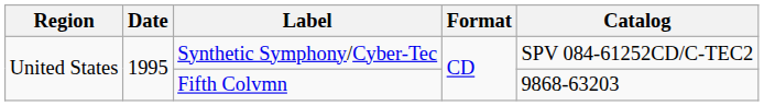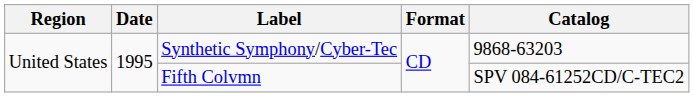 <table class="wikitable">
 <tr>
 <th>Region</th>
 <th>Date</th>
 <th>Label</th>
 <th>Format</th>
 <th>Catalog</th>
 </tr>
 <tr>
 <td rowspan="2">United States</td>
 <td rowspan="2">1995</td>
 <td><a href='#'>Synthetic Symphony</a>/<a href='#'>Cyber-Tec</a></td>
 <td rowspan="2"><a href='#'>CD</a></td>
-<td>SPV 084-61252CD/C-TEC2</td>
+<td>9868-63203</td>
 </tr>
 <tr>
 <td><a href='#'>Fifth Colvmn</a></td>
-<td>9868-63203</td>
+<td>SPV 084-61252CD/C-TEC2</td>
 </tr>
 </table>
